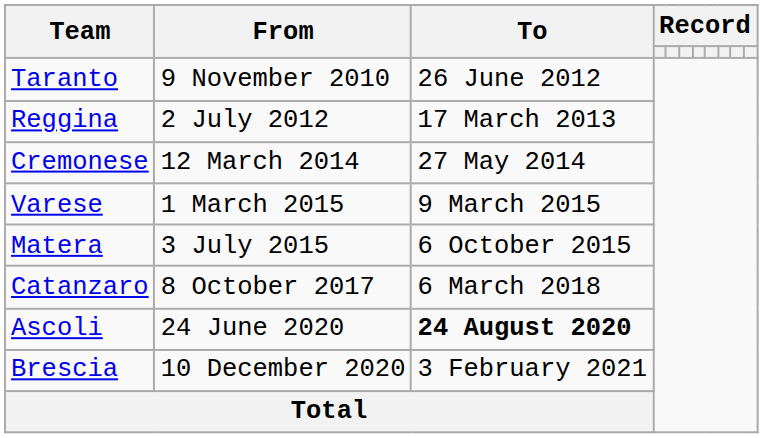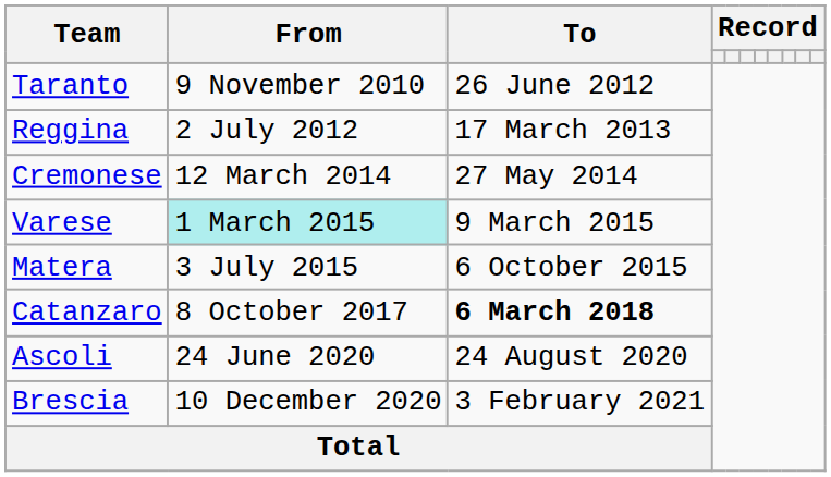 <table class="wikitable" style="text-align: center">
 <tr>
 <th rowspan="2">Team</th>
 <th rowspan="2">From</th>
 <th rowspan="2">To</th>
 <th colspan=8>Record</th>
 </tr>
 <tr>
 <th></th>
 <th></th>
 <th></th>
 <th></th>
 <th></th>
 <th></th>
 <th></th>
 <th></th>
 </tr>
 <tr>
 <td align=left><a href='#'>Taranto</a></td>
 <td align=left>9 November 2010</td>
 <td align=left>26 June 2012<br></td>
 </tr>
 <tr>
 <td align=left><a href='#'>Reggina</a></td>
 <td align=left>2 July 2012</td>
 <td align=left>17 March 2013<br></td>
 </tr>
 <tr>
 <td align=left><a href='#'>Cremonese</a></td>
 <td align=left>12 March 2014</td>
 <td align=left>27 May 2014<br></td>
 </tr>
 <tr>
 <td align=left><a href='#'>Varese</a></td>
-<td align=left>1 March 2015</td>
+<td align=left style="background: paleturquoise;">1 March 2015</td>
 <td align=left>9 March 2015<br></td>
 </tr>
 <tr>
 <td align=left><a href='#'>Matera</a></td>
 <td align=left>3 July 2015</td>
 <td align=left>6 October 2015<br></td>
 </tr>
 <tr>
 <td align=left><a href='#'>Catanzaro</a></td>
 <td align=left>8 October 2017</td>
-<td align=left>6 March 2018<br></td>
+<td align=left><strong>6 March 2018<br></strong></td>
 </tr>
 <tr>
 <td align=left><a href='#'>Ascoli</a></td>
 <td align=left>24 June 2020</td>
-<td align=left><strong>24 August 2020<br></strong></td>
+<td align=left>24 August 2020<br></td>
 </tr>
 <tr>
 <td align=left><a href='#'>Brescia</a></td>
 <td align=left>10 December 2020</td>
 <td align=left>3 February 2021<br></td>
 </tr>
 <tr>
 <th colspan="3">Total<br></th>
 </tr>
 </table>
